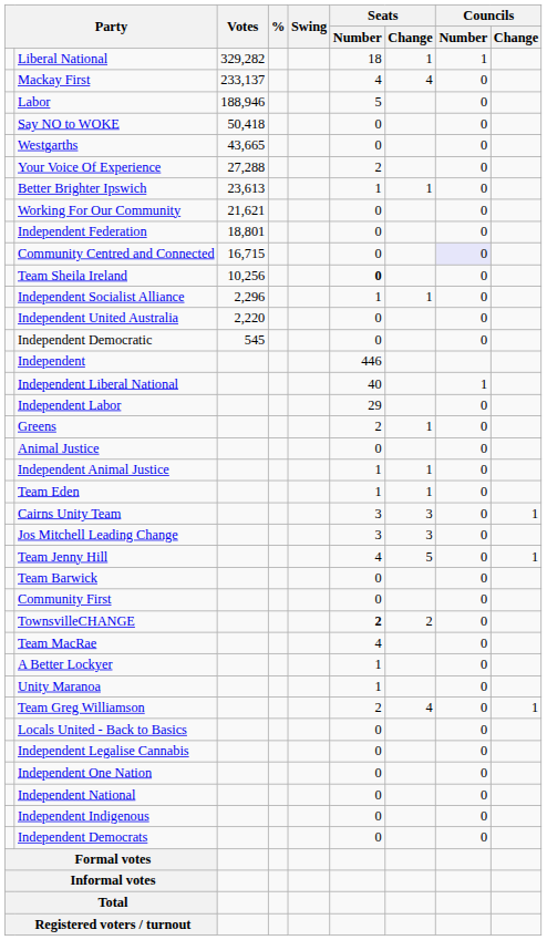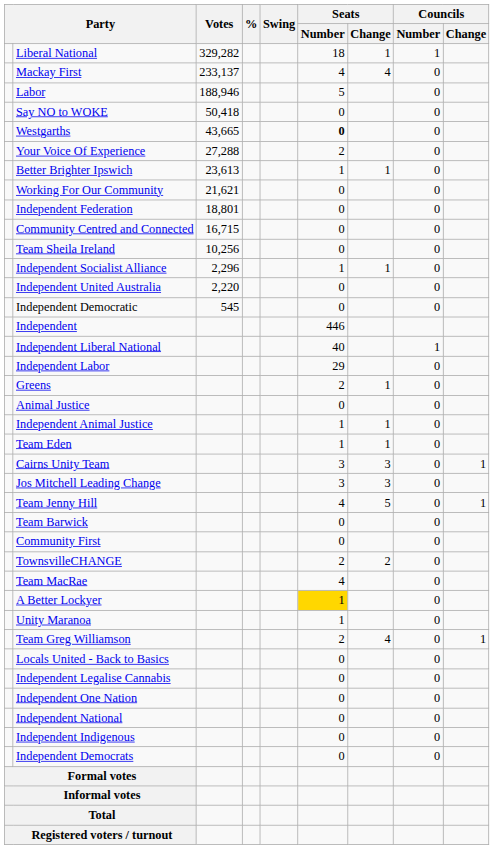 <table class="wikitable" style="text-align:right; margin-bottom:0">
 <tr>
 <th colspan="2" rowspan="2">Party</th>
 <th rowspan="2">Votes</th>
 <th rowspan="2">%</th>
 <th rowspan="2">Swing</th>
 <th colspan="2">Seats</th>
 <th colspan="2">Councils</th>
 </tr>
 <tr>
 <th scope="col">Number</th>
 <th scope="col">Change</th>
 <th scope="col">Number</th>
 <th scope="col">Change</th>
 </tr>
 <tr>
 <td> </td>
 <td style="text-align:left;"><a href='#'>Liberal National</a></td>
 <td>329,282</td>
 <td></td>
 <td></td>
 <td>18</td>
 <td> 1</td>
 <td>1</td>
 <td></td>
 </tr>
 <tr>
 <td> </td>
 <td style="text-align:left;"><a href='#'>Mackay First</a></td>
 <td>233,137</td>
 <td></td>
 <td></td>
 <td>4</td>
 <td> 4</td>
 <td>0</td>
 <td></td>
 </tr>
 <tr>
 <td> </td>
 <td style="text-align:left;"><a href='#'>Labor</a></td>
 <td>188,946</td>
 <td></td>
 <td></td>
 <td>5</td>
 <td></td>
 <td>0</td>
 <td></td>
 </tr>
 <tr>
 <td> </td>
 <td style="text-align:left;"><a href='#'>Say NO to WOKE</a></td>
 <td>50,418</td>
 <td></td>
 <td></td>
 <td>0</td>
 <td></td>
 <td>0</td>
 <td></td>
 </tr>
 <tr>
 <td> </td>
 <td style="text-align:left;"><a href='#'>Westgarths</a></td>
 <td>43,665</td>
 <td></td>
 <td></td>
-<td>0</td>
+<td><strong>0</strong></td>
 <td></td>
 <td>0</td>
 <td></td>
 </tr>
 <tr>
 <td> </td>
 <td style="text-align:left;"><a href='#'>Your Voice Of Experience</a></td>
 <td>27,288</td>
 <td></td>
 <td></td>
 <td>2</td>
 <td></td>
 <td>0</td>
 <td></td>
 </tr>
 <tr>
 <td> </td>
 <td style="text-align:left;"><a href='#'>Better Brighter Ipswich</a></td>
 <td>23,613</td>
 <td></td>
 <td></td>
 <td>1</td>
 <td> 1</td>
 <td>0</td>
 <td></td>
 </tr>
 <tr>
 <td> </td>
 <td style="text-align:left;"><a href='#'>Working For Our Community</a></td>
 <td>21,621</td>
 <td></td>
 <td></td>
 <td>0</td>
 <td></td>
 <td>0</td>
 <td></td>
 </tr>
 <tr>
 <td> </td>
 <td style="text-align:left;"><a href='#'>Independent Federation</a></td>
 <td>18,801</td>
 <td></td>
 <td></td>
 <td>0</td>
 <td></td>
 <td>0</td>
 <td></td>
 </tr>
 <tr>
 <td> </td>
 <td style="text-align:left;"><a href='#'>Community Centred and Connected</a></td>
 <td>16,715</td>
 <td></td>
 <td></td>
 <td>0</td>
 <td></td>
-<td style="background: lavender;">0</td>
+<td>0</td>
 <td></td>
 </tr>
 <tr>
 <td> </td>
 <td style="text-align:left;"><a href='#'>Team Sheila Ireland</a></td>
 <td>10,256</td>
 <td></td>
 <td></td>
-<td><strong>0</strong></td>
+<td>0</td>
 <td></td>
 <td>0</td>
 <td></td>
 </tr>
 <tr>
 <td> </td>
 <td style="text-align:left;"><a href='#'>Independent Socialist Alliance</a></td>
 <td>2,296</td>
 <td></td>
 <td></td>
 <td>1</td>
 <td> 1</td>
 <td>0</td>
 <td></td>
 </tr>
 <tr>
 <td> </td>
 <td style="text-align:left;"><a href='#'>Independent United Australia</a></td>
 <td>2,220</td>
 <td></td>
 <td></td>
 <td>0</td>
 <td></td>
 <td>0</td>
 <td></td>
 </tr>
 <tr>
 <td> </td>
 <td style="text-align:left;">Independent Democratic</td>
 <td>545</td>
 <td></td>
 <td></td>
 <td>0</td>
 <td></td>
 <td>0</td>
 <td></td>
 </tr>
 <tr>
 <td> </td>
 <td style="text-align:left;"><a href='#'>Independent</a></td>
 <td></td>
 <td></td>
 <td></td>
 <td>446</td>
 <td></td>
 <td></td>
 <td></td>
 </tr>
 <tr>
 <td> </td>
 <td style="text-align:left;"><a href='#'>Independent Liberal National</a></td>
 <td></td>
 <td></td>
 <td></td>
 <td>40</td>
 <td></td>
 <td>1</td>
 <td></td>
 </tr>
 <tr>
 <td> </td>
 <td style="text-align:left;"><a href='#'>Independent Labor</a></td>
 <td></td>
 <td></td>
 <td></td>
 <td>29</td>
 <td></td>
 <td>0</td>
 <td></td>
 </tr>
 <tr>
 <td> </td>
 <td style="text-align:left;"><a href='#'>Greens</a></td>
 <td></td>
 <td></td>
 <td></td>
 <td>2</td>
 <td> 1</td>
 <td>0</td>
 <td></td>
 </tr>
 <tr>
 <td> </td>
 <td style="text-align:left;"><a href='#'>Animal Justice</a></td>
 <td></td>
 <td></td>
 <td></td>
 <td>0</td>
 <td></td>
 <td>0</td>
 <td></td>
 </tr>
 <tr>
 <td> </td>
 <td style="text-align:left;"><a href='#'>Independent Animal Justice</a></td>
 <td></td>
 <td></td>
 <td></td>
 <td>1</td>
 <td> 1</td>
 <td>0</td>
 <td></td>
 </tr>
 <tr>
 <td> </td>
 <td style="text-align:left;"><a href='#'>Team Eden</a></td>
 <td></td>
 <td></td>
 <td></td>
 <td>1</td>
 <td> 1</td>
 <td>0</td>
 <td></td>
 </tr>
 <tr>
 <td> </td>
 <td style="text-align:left;"><a href='#'>Cairns Unity Team</a></td>
 <td></td>
 <td></td>
 <td></td>
 <td>3</td>
 <td> 3</td>
 <td>0</td>
 <td> 1</td>
 </tr>
 <tr>
 <td> </td>
 <td style="text-align:left;"><a href='#'>Jos Mitchell Leading Change</a></td>
 <td></td>
 <td></td>
 <td></td>
 <td>3</td>
 <td> 3</td>
 <td>0</td>
 <td></td>
 </tr>
 <tr>
 <td> </td>
 <td style="text-align:left;"><a href='#'>Team Jenny Hill</a></td>
 <td></td>
 <td></td>
 <td></td>
 <td>4</td>
 <td> 5</td>
 <td>0</td>
 <td> 1</td>
 </tr>
 <tr>
 <td> </td>
 <td style="text-align:left;"><a href='#'>Team Barwick</a></td>
 <td></td>
 <td></td>
 <td></td>
 <td>0</td>
 <td></td>
 <td>0</td>
 <td></td>
 </tr>
 <tr>
 <td> </td>
 <td style="text-align:left;"><a href='#'>Community First</a></td>
 <td></td>
 <td></td>
 <td></td>
 <td>0</td>
 <td></td>
 <td>0</td>
 <td></td>
 </tr>
 <tr>
 <td> </td>
 <td style="text-align:left;"><a href='#'>TownsvilleCHANGE</a></td>
 <td></td>
 <td></td>
 <td></td>
-<td><strong>2</strong></td>
+<td>2</td>
 <td> 2</td>
 <td>0</td>
 <td></td>
 </tr>
 <tr>
 <td> </td>
 <td style="text-align:left;"><a href='#'>Team MacRae</a></td>
 <td></td>
 <td></td>
 <td></td>
 <td>4</td>
 <td></td>
 <td>0</td>
 <td></td>
 </tr>
 <tr>
 <td> </td>
 <td style="text-align:left;"><a href='#'>A Better Lockyer</a></td>
 <td></td>
 <td></td>
 <td></td>
-<td>1</td>
+<td style="background: gold;">1</td>
 <td></td>
 <td>0</td>
 <td></td>
 </tr>
 <tr>
 <td> </td>
 <td style="text-align:left;"><a href='#'>Unity Maranoa</a></td>
 <td></td>
 <td></td>
 <td></td>
 <td>1</td>
 <td></td>
 <td>0</td>
 <td></td>
 </tr>
 <tr>
 <td> </td>
 <td style="text-align:left;"><a href='#'>Team Greg Williamson</a></td>
 <td></td>
 <td></td>
 <td></td>
 <td>2</td>
 <td> 4</td>
 <td>0</td>
 <td> 1</td>
 </tr>
 <tr>
 <td> </td>
 <td style="text-align:left;"><a href='#'>Locals United - Back to Basics</a></td>
 <td></td>
 <td></td>
 <td></td>
 <td>0</td>
 <td></td>
 <td>0</td>
 <td></td>
 </tr>
 <tr>
 <td> </td>
 <td style="text-align:left;"><a href='#'>Independent Legalise Cannabis</a></td>
 <td></td>
 <td></td>
 <td></td>
 <td>0</td>
 <td></td>
 <td>0</td>
 <td></td>
 </tr>
 <tr>
 <td> </td>
 <td style="text-align:left;"><a href='#'>Independent One Nation</a></td>
 <td></td>
 <td></td>
 <td></td>
 <td>0</td>
 <td></td>
 <td>0</td>
 <td></td>
 </tr>
 <tr>
 <td> </td>
 <td style="text-align:left;"><a href='#'>Independent National</a></td>
 <td></td>
 <td></td>
 <td></td>
 <td>0</td>
 <td></td>
 <td>0</td>
 <td></td>
 </tr>
 <tr>
 <td> </td>
 <td style="text-align:left;"><a href='#'>Independent Indigenous</a></td>
 <td></td>
 <td></td>
 <td></td>
 <td>0</td>
 <td></td>
 <td>0</td>
 <td></td>
 </tr>
 <tr>
 <td> </td>
 <td style="text-align:left;"><a href='#'>Independent Democrats</a></td>
 <td></td>
 <td></td>
 <td></td>
 <td>0</td>
 <td></td>
 <td>0</td>
 <td></td>
 </tr>
 <tr>
 <th colspan="2"> Formal votes</th>
 <td></td>
 <td></td>
 <td></td>
 <td></td>
 <td></td>
 <td></td>
 <td></td>
 </tr>
 <tr>
 <th colspan="2"> Informal votes</th>
 <td></td>
 <td></td>
 <td></td>
 <td></td>
 <td></td>
 <td></td>
 <td></td>
 </tr>
 <tr>
 <th colspan="2"> Total</th>
 <td></td>
 <td></td>
 <td></td>
 <td></td>
 <td></td>
 <td></td>
 <td></td>
 </tr>
 <tr>
 <th colspan="2"> Registered voters / turnout</th>
 <td></td>
 <td></td>
 <td></td>
 <td></td>
 <td></td>
 <td></td>
 <td></td>
 </tr>
 </table>
